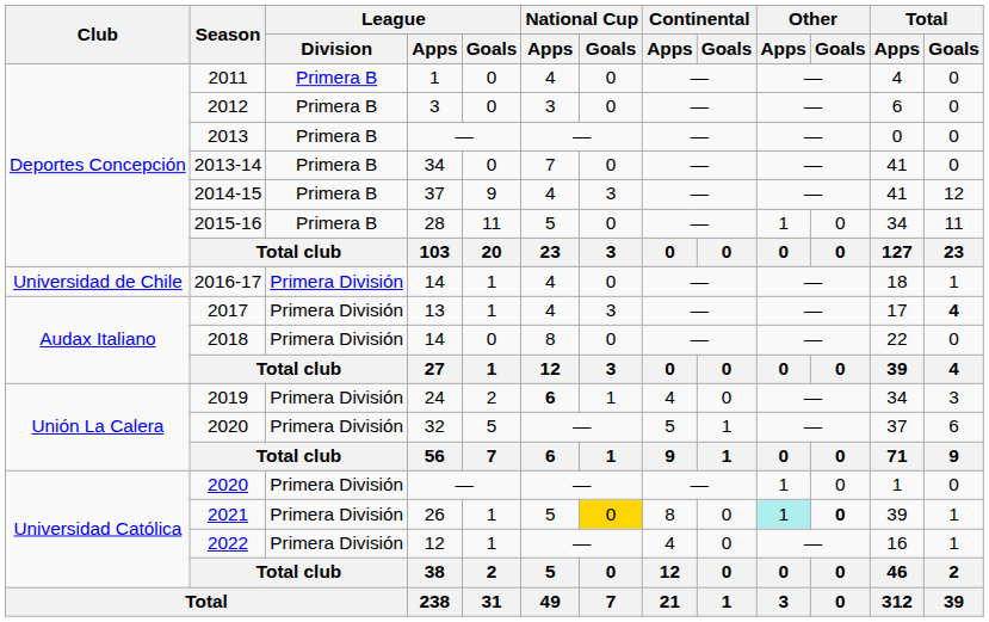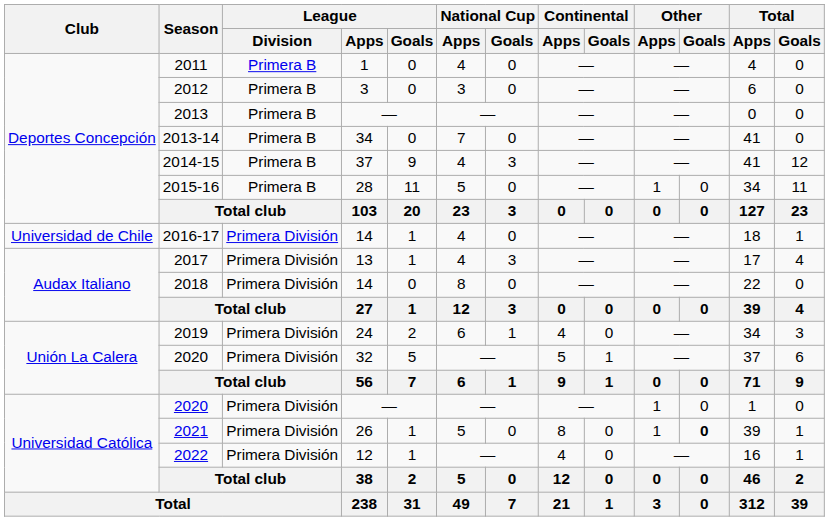 <table class="wikitable" style="text-align: center;">
 <tr>
 <th rowspan="2">Club</th>
 <th rowspan="2">Season</th>
 <th colspan="3">League</th>
 <th colspan="2">National Cup</th>
 <th colspan="2">Continental</th>
 <th colspan="2">Other</th>
 <th colspan="2">Total</th>
 </tr>
 <tr>
 <th>Division</th>
 <th>Apps</th>
 <th>Goals</th>
 <th>Apps</th>
 <th>Goals</th>
 <th>Apps</th>
 <th>Goals</th>
 <th>Apps</th>
 <th>Goals</th>
 <th>Apps</th>
 <th>Goals</th>
 </tr>
 <tr>
 <td rowspan=7><a href='#'>Deportes Concepción</a></td>
 <td>2011</td>
 <td><a href='#'>Primera B</a></td>
 <td>1</td>
 <td>0</td>
 <td>4</td>
 <td>0</td>
 <td colspan="2">—</td>
 <td colspan="2">—</td>
 <td>4</td>
 <td>0</td>
 </tr>
 <tr>
 <td>2012</td>
 <td>Primera B</td>
 <td>3</td>
 <td>0</td>
 <td>3</td>
 <td>0</td>
 <td colspan="2">—</td>
 <td colspan="2">—</td>
 <td>6</td>
 <td>0</td>
 </tr>
 <tr>
 <td>2013</td>
 <td>Primera B</td>
 <td colspan="2">—</td>
 <td colspan="2">—</td>
 <td colspan="2">—</td>
 <td colspan="2">—</td>
 <td>0</td>
 <td>0</td>
 </tr>
 <tr>
 <td>2013-14</td>
 <td>Primera B</td>
 <td>34</td>
 <td>0</td>
 <td>7</td>
 <td>0</td>
 <td colspan="2">—</td>
 <td colspan="2">—</td>
 <td>41</td>
 <td>0</td>
 </tr>
 <tr>
 <td>2014-15</td>
 <td>Primera B</td>
 <td>37</td>
 <td>9</td>
 <td>4</td>
 <td>3</td>
 <td colspan="2">—</td>
 <td colspan="2">—</td>
 <td>41</td>
 <td>12</td>
 </tr>
 <tr>
 <td>2015-16</td>
 <td>Primera B</td>
 <td>28</td>
 <td>11</td>
 <td>5</td>
 <td>0</td>
 <td colspan="2">—</td>
 <td>1</td>
 <td>0</td>
 <td>34</td>
 <td>11</td>
 </tr>
 <tr>
 <th colspan="2">Total club</th>
 <th>103</th>
 <th>20</th>
 <th>23</th>
 <th>3</th>
 <th>0</th>
 <th>0</th>
 <th>0</th>
 <th>0</th>
 <th>127</th>
 <th>23</th>
 </tr>
 <tr>
 <td><a href='#'>Universidad de Chile</a></td>
 <td>2016-17</td>
 <td><a href='#'>Primera División</a></td>
 <td>14</td>
 <td>1</td>
 <td>4</td>
 <td>0</td>
 <td colspan="2">—</td>
 <td colspan="2">—</td>
 <td>18</td>
 <td>1</td>
 </tr>
 <tr>
 <td rowspan="3"><a href='#'>Audax Italiano</a></td>
 <td>2017</td>
 <td>Primera División</td>
 <td>13</td>
 <td>1</td>
 <td>4</td>
 <td>3</td>
 <td colspan="2">—</td>
 <td colspan="2">—</td>
 <td>17</td>
-<td><strong>4</strong></td>
+<td>4</td>
 </tr>
 <tr>
 <td>2018</td>
 <td>Primera División</td>
 <td>14</td>
 <td>0</td>
 <td>8</td>
 <td>0</td>
 <td colspan="2">—</td>
 <td colspan="2">—</td>
 <td>22</td>
 <td>0</td>
 </tr>
 <tr>
 <th colspan="2">Total club</th>
 <th>27</th>
 <th>1</th>
 <th>12</th>
 <th>3</th>
 <th>0</th>
 <th>0</th>
 <th>0</th>
 <th>0</th>
 <th>39</th>
 <th>4</th>
 </tr>
 <tr>
 <td rowspan="3"><a href='#'>Unión La Calera</a></td>
 <td>2019</td>
 <td>Primera División</td>
 <td>24</td>
 <td>2</td>
-<td><strong>6</strong></td>
+<td>6</td>
 <td>1</td>
 <td>4</td>
 <td>0</td>
 <td colspan="2">—</td>
 <td>34</td>
 <td>3</td>
 </tr>
 <tr>
 <td>2020</td>
 <td>Primera División</td>
 <td>32</td>
 <td>5</td>
 <td colspan="2">—</td>
 <td>5</td>
 <td>1</td>
 <td colspan="2">—</td>
 <td>37</td>
 <td>6</td>
 </tr>
 <tr>
 <th colspan="2">Total club</th>
 <th>56</th>
 <th>7</th>
 <th>6</th>
 <th>1</th>
 <th>9</th>
 <th>1</th>
 <th>0</th>
 <th>0</th>
 <th>71</th>
 <th>9</th>
 </tr>
 <tr>
 <td rowspan="4"><a href='#'>Universidad Católica</a></td>
 <td><a href='#'>2020</a></td>
 <td>Primera División</td>
 <td colspan="2">—</td>
 <td colspan="2">—</td>
 <td colspan="2">—</td>
 <td>1</td>
 <td>0</td>
 <td>1</td>
 <td>0</td>
 </tr>
 <tr>
 <td><a href='#'>2021</a></td>
 <td>Primera División</td>
 <td>26</td>
 <td>1</td>
 <td>5</td>
-<td style="background: gold;">0</td>
+<td>0</td>
 <td>8</td>
 <td>0</td>
-<td style="background: paleturquoise;">1</td>
+<td>1</td>
 <td><strong>0</strong></td>
 <td>39</td>
 <td>1</td>
 </tr>
 <tr>
 <td><a href='#'>2022</a></td>
 <td>Primera División</td>
 <td>12</td>
 <td>1</td>
 <td colspan="2">—</td>
 <td>4</td>
 <td>0</td>
 <td colspan="2">—</td>
 <td>16</td>
 <td>1</td>
 </tr>
 <tr>
 <th colspan="2">Total club</th>
 <th>38</th>
 <th>2</th>
 <th>5</th>
 <th>0</th>
 <th>12</th>
 <th>0</th>
 <th>0</th>
 <th>0</th>
 <th>46</th>
 <th>2</th>
 </tr>
 <tr>
 <th colspan="3">Total</th>
 <th>238</th>
 <th>31</th>
 <th>49</th>
 <th>7</th>
 <th>21</th>
 <th>1</th>
 <th>3</th>
 <th>0</th>
 <th>312</th>
 <th>39</th>
 </tr>
 </table>
